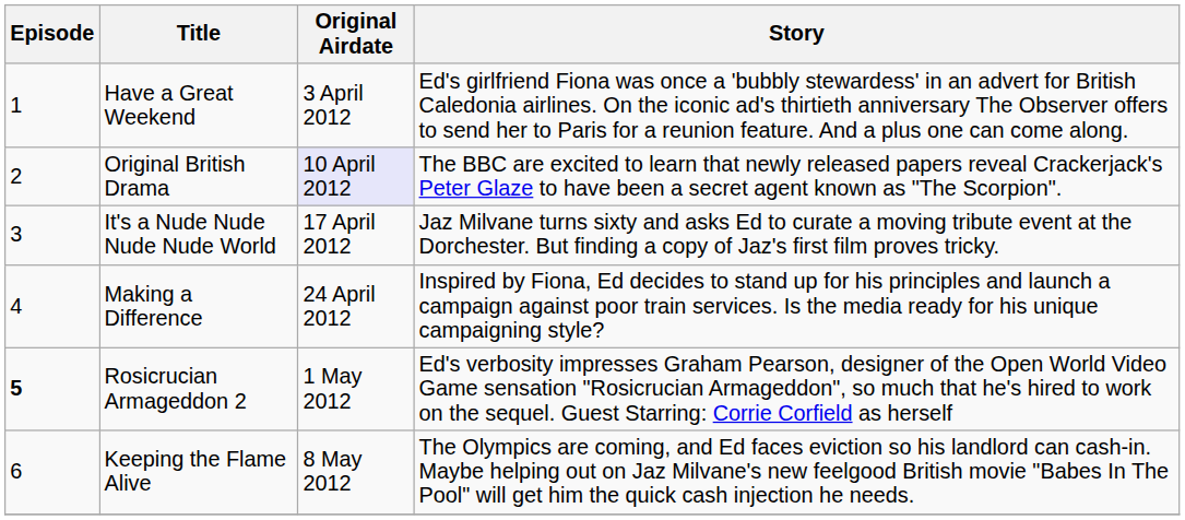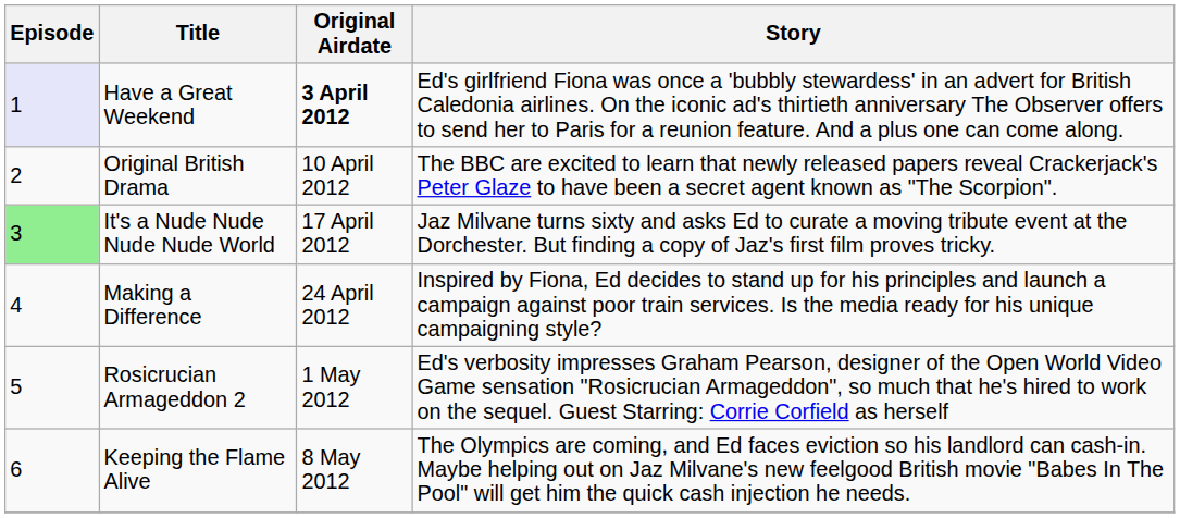 <table class="wikitable">
 <tr>
 <th>Episode</th>
 <th>Title</th>
 <th>Original Airdate</th>
 <th>Story</th>
 </tr>
 <tr --->
-<td>1</td>
+<td style="background: lavender;">1</td>
 <td>Have a Great Weekend</td>
-<td>3 April 2012</td>
+<td><strong>3 April 2012</strong></td>
 <td>Ed's girlfriend Fiona was once a 'bubbly stewardess' in an advert for British Caledonia airlines. On the iconic ad's thirtieth anniversary The Observer offers to send her to Paris for a reunion feature. And a plus one can come along.</td>
 </tr>
 <tr --->
 <td>2</td>
 <td>Original British Drama</td>
-<td style="background: lavender;">10 April 2012</td>
+<td>10 April 2012</td>
 <td>The BBC are excited to learn that newly released papers reveal Crackerjack's <a href='#'>Peter Glaze</a> to have been a secret agent known as "The Scorpion".</td>
 </tr>
 <tr>
-<td>3</td>
+<td style="background: lightgreen;">3</td>
 <td>It's a Nude Nude Nude Nude World</td>
 <td>17 April 2012</td>
 <td>Jaz Milvane turns sixty and asks Ed to curate a moving tribute event at the Dorchester. But finding a copy of Jaz's first film proves tricky.</td>
 </tr>
 <tr>
 <td>4</td>
 <td>Making a Difference</td>
 <td>24 April 2012</td>
 <td>Inspired by Fiona, Ed decides to stand up for his principles and launch a campaign against poor train services. Is the media ready for his unique campaigning style?</td>
 </tr>
 <tr>
-<td><strong>5</strong></td>
+<td>5</td>
 <td>Rosicrucian Armageddon 2</td>
 <td>1 May 2012</td>
 <td>Ed's verbosity impresses Graham Pearson, designer of the Open World Video Game sensation "Rosicrucian Armageddon", so much that he's hired to work on the sequel. Guest Starring: <a href='#'>Corrie Corfield</a> as herself</td>
 </tr>
 <tr>
 <td>6</td>
 <td>Keeping the Flame Alive</td>
 <td>8 May 2012</td>
 <td>The Olympics are coming, and Ed faces eviction so his landlord can cash-in. Maybe helping out on Jaz Milvane's new feelgood British movie "Babes In The Pool" will get him the quick cash injection he needs.</td>
 </tr>
 <tr>
 </tr>
 </table>
